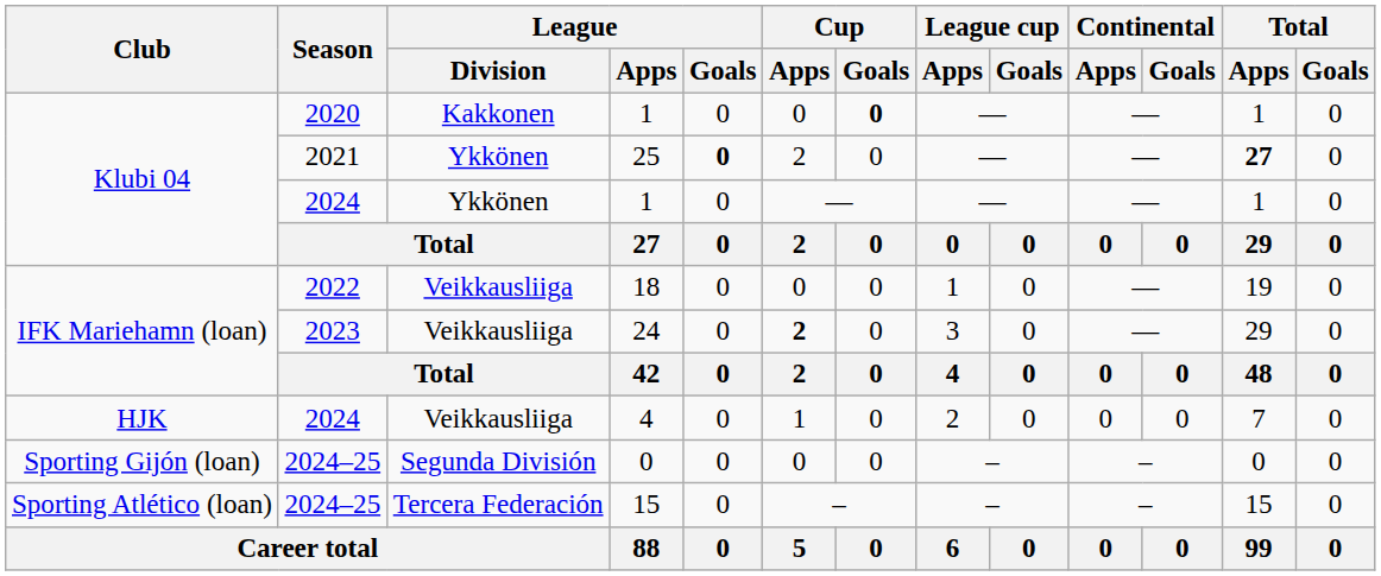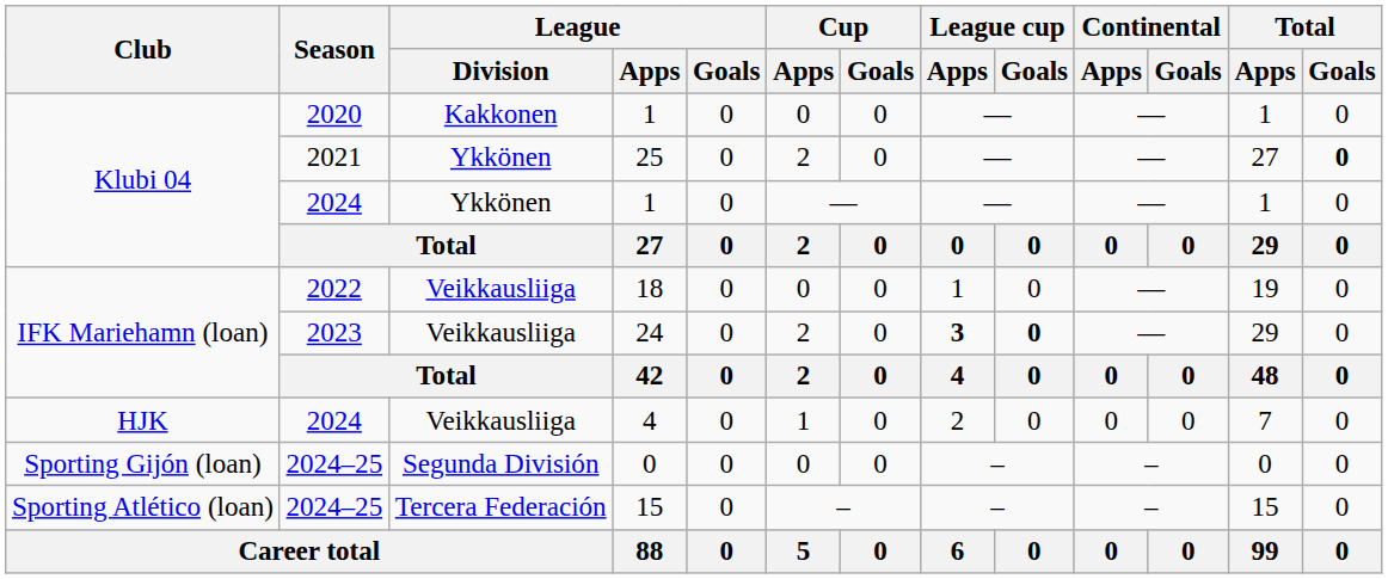 <table class="wikitable" style="text-align:center">
 <tr>
 <th rowspan="2">Club</th>
 <th rowspan="2">Season</th>
 <th colspan="3">League</th>
 <th colspan="2">Cup</th>
 <th colspan="2">League cup</th>
 <th colspan="2">Continental</th>
 <th colspan="2">Total</th>
 </tr>
 <tr>
 <th>Division</th>
 <th>Apps</th>
 <th>Goals</th>
 <th>Apps</th>
 <th>Goals</th>
 <th>Apps</th>
 <th>Goals</th>
 <th>Apps</th>
 <th>Goals</th>
 <th>Apps</th>
 <th>Goals</th>
 </tr>
 <tr>
 <td rowspan="4"><a href='#'>Klubi 04</a></td>
 <td><a href='#'>2020</a></td>
 <td><a href='#'>Kakkonen</a></td>
 <td>1</td>
 <td>0</td>
 <td>0</td>
-<td><strong>0</strong></td>
+<td>0</td>
 <td colspan="2">—</td>
 <td colspan="2">—</td>
 <td>1</td>
 <td>0</td>
 </tr>
 <tr>
 <td>2021</td>
 <td><a href='#'>Ykkönen</a></td>
 <td>25</td>
-<td><strong>0</strong></td>
+<td>0</td>
 <td>2</td>
 <td>0</td>
 <td colspan="2">—</td>
 <td colspan="2">—</td>
-<td><strong>27</strong></td>
-<td>0</td>
+<td>27</td>
+<td><strong>0</strong></td>
 </tr>
 <tr>
 <td><a href='#'>2024</a></td>
 <td>Ykkönen</td>
 <td>1</td>
 <td>0</td>
 <td colspan="2">—</td>
 <td colspan="2">—</td>
 <td colspan="2">—</td>
 <td>1</td>
 <td>0</td>
 </tr>
 <tr>
 <th colspan="2">Total</th>
 <th>27</th>
 <th>0</th>
 <th>2</th>
 <th>0</th>
 <th>0</th>
 <th>0</th>
 <th>0</th>
 <th>0</th>
 <th>29</th>
 <th>0</th>
 </tr>
 <tr>
 <td rowspan="3"><a href='#'>IFK Mariehamn</a> (loan)</td>
 <td><a href='#'>2022</a></td>
 <td><a href='#'>Veikkausliiga</a></td>
 <td>18</td>
 <td>0</td>
 <td>0</td>
 <td>0</td>
 <td>1</td>
 <td>0</td>
 <td colspan="2">—</td>
 <td>19</td>
 <td>0</td>
 </tr>
 <tr>
 <td><a href='#'>2023</a></td>
 <td>Veikkausliiga</td>
 <td>24</td>
 <td>0</td>
-<td><strong>2</strong></td>
+<td>2</td>
 <td>0</td>
-<td>3</td>
-<td>0</td>
+<td><strong>3</strong></td>
+<td><strong>0</strong></td>
 <td colspan="2">—</td>
 <td>29</td>
 <td>0</td>
 </tr>
 <tr>
 <th colspan="2">Total</th>
 <th>42</th>
 <th>0</th>
 <th>2</th>
 <th>0</th>
 <th>4</th>
 <th>0</th>
 <th>0</th>
 <th>0</th>
 <th>48</th>
 <th>0</th>
 </tr>
 <tr>
 <td><a href='#'>HJK</a></td>
 <td><a href='#'>2024</a></td>
 <td>Veikkausliiga</td>
 <td>4</td>
 <td>0</td>
 <td>1</td>
 <td>0</td>
 <td>2</td>
 <td>0</td>
 <td>0</td>
 <td>0</td>
 <td>7</td>
 <td>0</td>
 </tr>
 <tr>
 <td><a href='#'>Sporting Gijón</a> (loan)</td>
 <td><a href='#'>2024–25</a></td>
 <td><a href='#'>Segunda División</a></td>
 <td>0</td>
 <td>0</td>
 <td>0</td>
 <td>0</td>
 <td colspan=2>–</td>
 <td colspan=2>–</td>
 <td>0</td>
 <td>0</td>
 </tr>
 <tr>
 <td><a href='#'>Sporting Atlético</a> (loan)</td>
 <td><a href='#'>2024–25</a></td>
 <td><a href='#'>Tercera Federación</a></td>
 <td>15</td>
 <td>0</td>
 <td colspan=2>–</td>
 <td colspan=2>–</td>
 <td colspan=2>–</td>
 <td>15</td>
 <td>0</td>
 </tr>
 <tr>
 <th colspan="3">Career total</th>
 <th>88</th>
 <th>0</th>
 <th>5</th>
 <th>0</th>
 <th>6</th>
 <th>0</th>
 <th>0</th>
 <th>0</th>
 <th>99</th>
 <th>0</th>
 </tr>
 </table>
